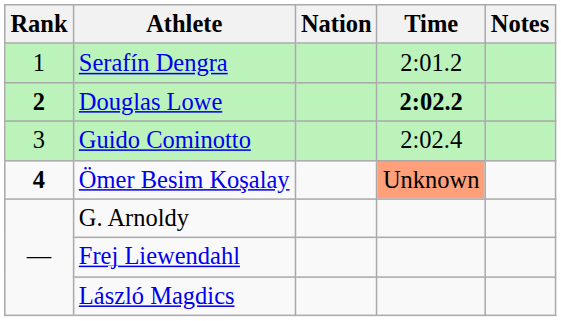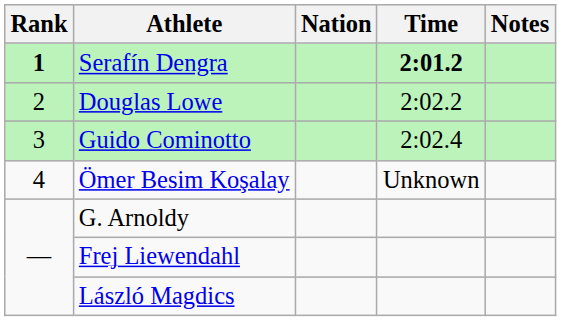 <table class="wikitable sortable" style="text-align:center">
 <tr>
 <th>Rank</th>
 <th>Athlete</th>
 <th>Nation</th>
 <th>Time</th>
 <th>Notes</th>
 </tr>
 <tr bgcolor=bbf3bb>
-<td>1</td>
+<td><strong>1</strong></td>
 <td align=left><a href='#'>Serafín Dengra</a></td>
 <td align=left></td>
-<td>2:01.2</td>
+<td><strong>2:01.2</strong></td>
 <td></td>
 </tr>
 <tr bgcolor=bbf3bb>
-<td><strong>2</strong></td>
+<td>2</td>
 <td align=left><a href='#'>Douglas Lowe</a></td>
 <td align=left></td>
-<td><strong>2:02.2</strong></td>
+<td>2:02.2</td>
 <td></td>
 </tr>
 <tr bgcolor=bbf3bb>
 <td>3</td>
 <td align=left><a href='#'>Guido Cominotto</a></td>
 <td align=left></td>
 <td>2:02.4</td>
 <td></td>
 </tr>
 <tr>
-<td><strong>4</strong></td>
+<td>4</td>
 <td align=left><a href='#'>Ömer Besim Koşalay</a></td>
 <td align=left></td>
-<td data-sort-value=3:00.0 style="background: lightsalmon;">Unknown</td>
+<td data-sort-value=3:00.0>Unknown</td>
 <td></td>
 </tr>
 <tr>
 <td rowspan=3 data-sort-value=5>—</td>
 <td align=left>G. Arnoldy</td>
 <td align=left></td>
 <td></td>
 <td></td>
 </tr>
 <tr>
 <td align=left><a href='#'>Frej Liewendahl</a></td>
 <td align=left></td>
 <td></td>
 <td></td>
 </tr>
 <tr>
 <td align=left><a href='#'>László Magdics</a></td>
 <td align=left></td>
 <td></td>
 <td></td>
 </tr>
 </table>
